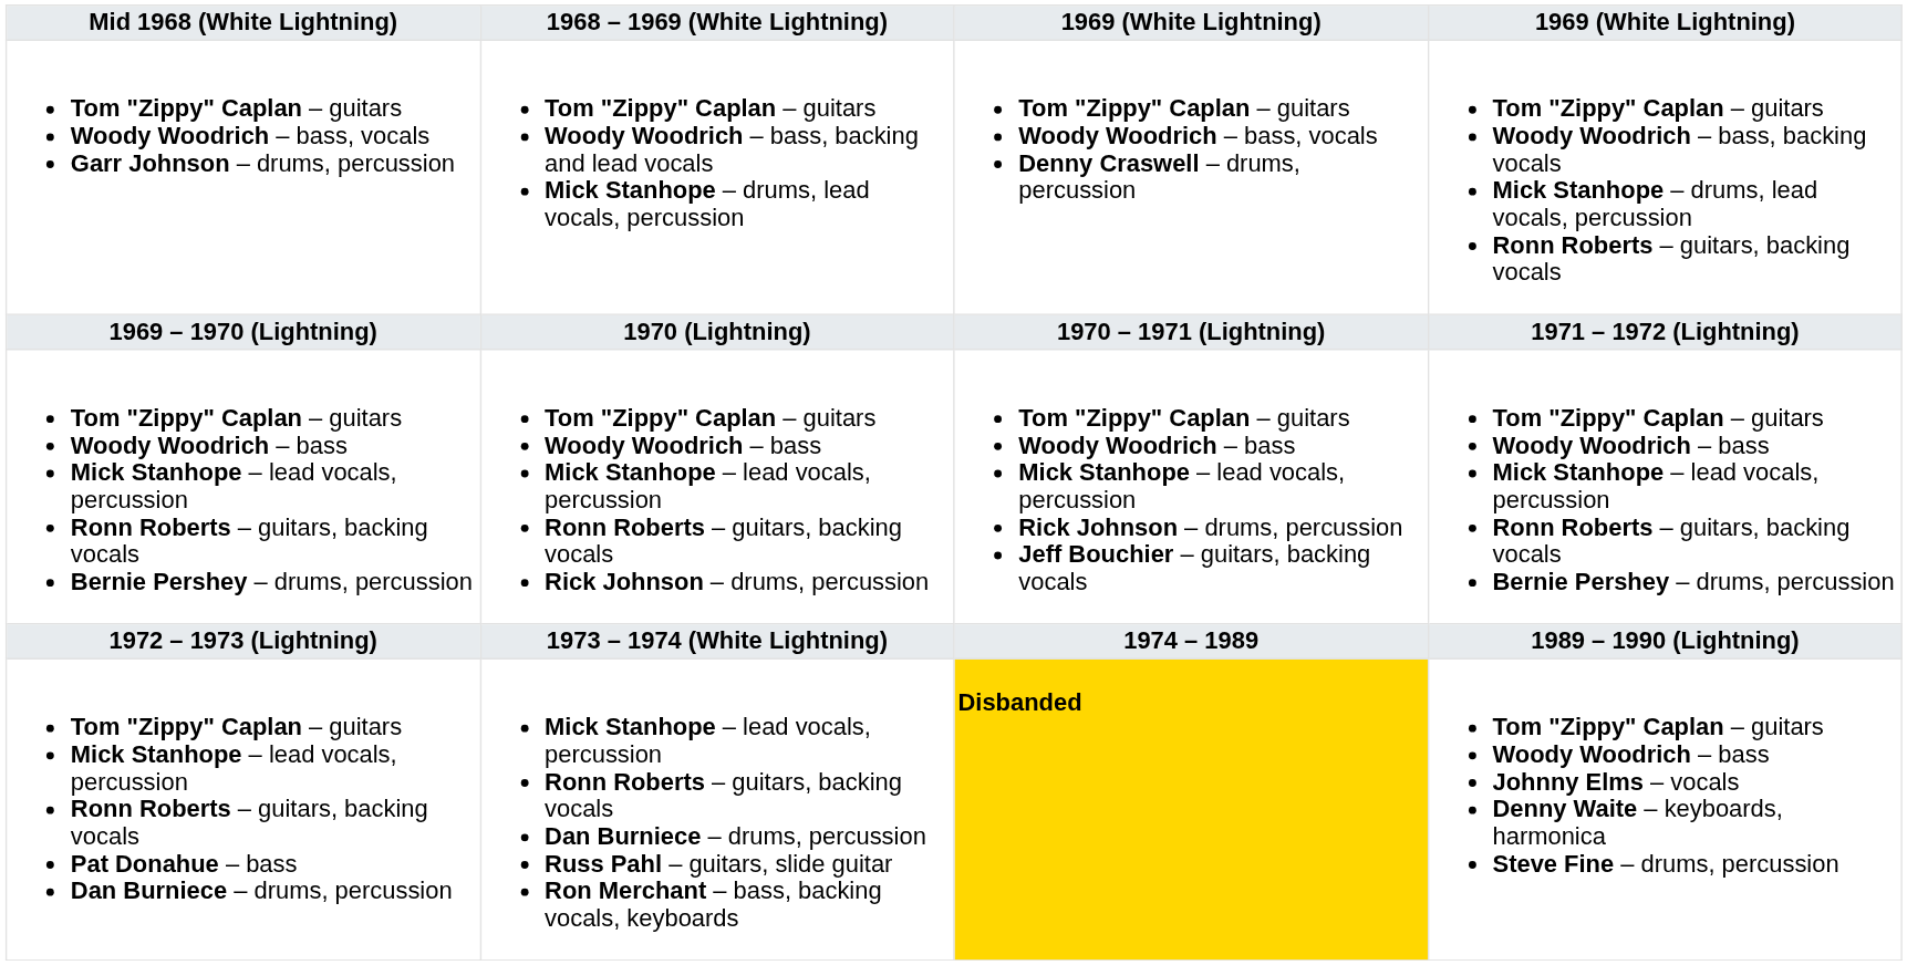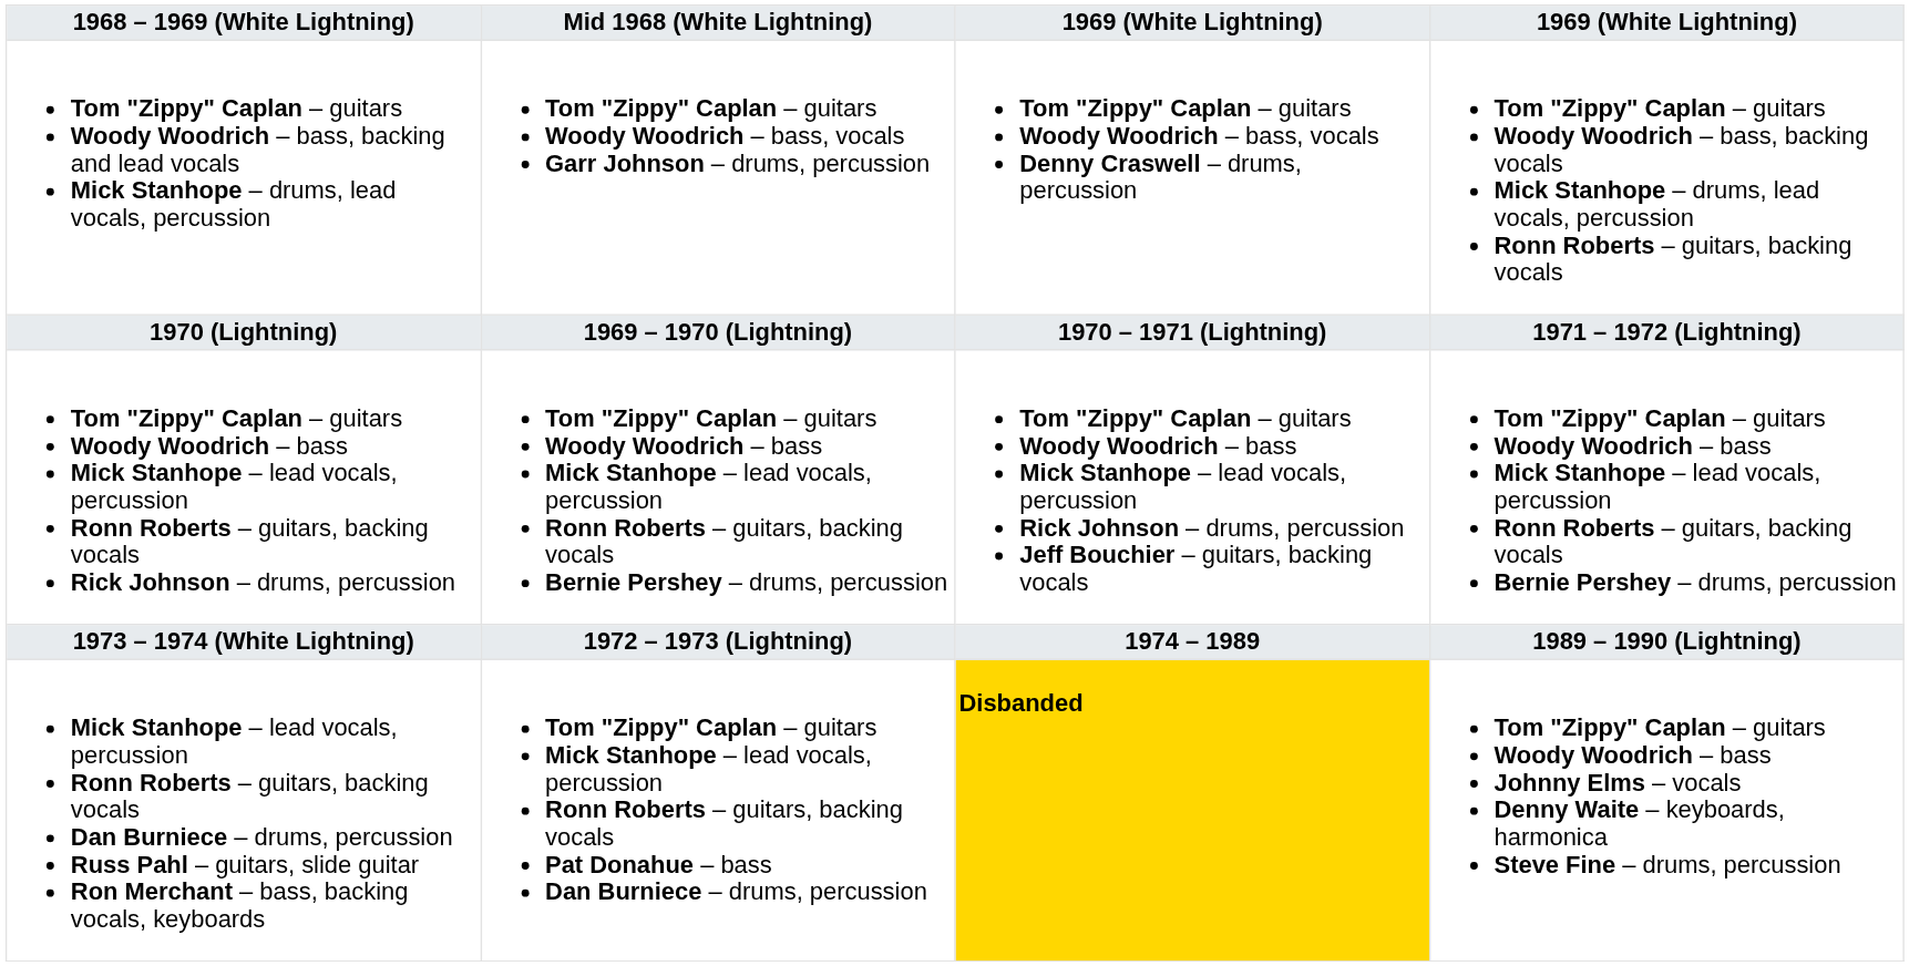 <table class="toccolours" border="1" cellpadding="2" cellspacing="0"  style="float:width:375px; margin:0 0 1em 1em; border-collapse:collapse; border:1px solid #e2e2e2; width:99%;">
 <tr>
+<th style="vertical-align:top; background:#e7ebee; width:25%;">1968 – 1969 (White Lightning)</th>
 <th style="vertical-align:top; background:#e7ebee; width:25%;">Mid 1968 (White Lightning)</th>
-<th style="vertical-align:top; background:#e7ebee; width:25%;">1968 – 1969 (White Lightning)</th>
 <th style="vertical-align:top; background:#e7ebee; width:25%;">1969 (White Lightning)</th>
 <th style="vertical-align:top; background:#e7ebee; width:25%;">1969 (White Lightning)</th>
 </tr>
 <tr>
+<td valign=top><br><ul><li><strong>Tom "Zippy" Caplan</strong> – guitars</li><li><strong>Woody Woodrich</strong> – bass, backing and lead vocals</li><li><strong>Mick Stanhope</strong> – drums, lead vocals, percussion</li></ul></td>
 <td valign=top><br><ul><li><strong>Tom "Zippy" Caplan</strong> – guitars</li><li><strong>Woody Woodrich</strong> – bass, vocals</li><li><strong>Garr Johnson</strong> – drums, percussion</li></ul></td>
-<td valign=top><br><ul><li><strong>Tom "Zippy" Caplan</strong> – guitars</li><li><strong>Woody Woodrich</strong> – bass, backing and lead vocals</li><li><strong>Mick Stanhope</strong> – drums, lead vocals, percussion</li></ul></td>
 <td valign=top><br><ul><li><strong>Tom "Zippy" Caplan</strong> – guitars</li><li><strong>Woody Woodrich</strong> – bass, vocals</li><li><strong>Denny Craswell</strong> – drums, percussion</li></ul></td>
 <td valign=top><br><ul><li><strong>Tom "Zippy" Caplan</strong> – guitars</li><li><strong>Woody Woodrich</strong> – bass, backing vocals</li><li><strong>Mick Stanhope</strong> – drums, lead vocals, percussion</li><li><strong>Ronn Roberts</strong> – guitars, backing vocals</li></ul></td>
 </tr>
 <tr>
+<th style="vertical-align:top; background:#e7ebee; width:25%;">1970 (Lightning)</th>
 <th style="vertical-align:top; background:#e7ebee; width:25%;">1969 – 1970 (Lightning)</th>
-<th style="vertical-align:top; background:#e7ebee; width:25%;">1970 (Lightning)</th>
 <th style="vertical-align:top; background:#e7ebee; width:25%;">1970 – 1971 (Lightning)</th>
 <th style="vertical-align:top; background:#e7ebee; width:25%;">1971 – 1972 (Lightning)</th>
 </tr>
 <tr>
+<td valign=top><br><ul><li><strong>Tom "Zippy" Caplan</strong> – guitars</li><li><strong>Woody Woodrich</strong> – bass</li><li><strong>Mick Stanhope</strong> – lead vocals, percussion</li><li><strong>Ronn Roberts</strong> – guitars, backing vocals</li><li><strong>Rick Johnson</strong> – drums, percussion</li></ul></td>
 <td valign=top><br><ul><li><strong>Tom "Zippy" Caplan</strong> – guitars</li><li><strong>Woody Woodrich</strong> – bass</li><li><strong>Mick Stanhope</strong> – lead vocals, percussion</li><li><strong>Ronn Roberts</strong> – guitars, backing vocals</li><li><strong>Bernie Pershey</strong> – drums, percussion</li></ul></td>
-<td valign=top><br><ul><li><strong>Tom "Zippy" Caplan</strong> – guitars</li><li><strong>Woody Woodrich</strong> – bass</li><li><strong>Mick Stanhope</strong> – lead vocals, percussion</li><li><strong>Ronn Roberts</strong> – guitars, backing vocals</li><li><strong>Rick Johnson</strong> – drums, percussion</li></ul></td>
 <td valign=top><br><ul><li><strong>Tom "Zippy" Caplan</strong> – guitars</li><li><strong>Woody Woodrich</strong> – bass</li><li><strong>Mick Stanhope</strong> – lead vocals, percussion</li><li><strong>Rick Johnson</strong> – drums, percussion</li><li><strong>Jeff Bouchier</strong> – guitars, backing vocals</li></ul></td>
 <td valign=top><br><ul><li><strong>Tom "Zippy" Caplan</strong> – guitars</li><li><strong>Woody Woodrich</strong> – bass</li><li><strong>Mick Stanhope</strong> – lead vocals, percussion</li><li><strong>Ronn Roberts</strong> – guitars, backing vocals</li><li><strong>Bernie Pershey</strong> – drums, percussion</li></ul></td>
 </tr>
 <tr>
+<th style="vertical-align:top; background:#e7ebee; width:25%;">1973 – 1974 (White Lightning)</th>
 <th style="vertical-align:top; background:#e7ebee; width:25%;">1972 – 1973 (Lightning)</th>
-<th style="vertical-align:top; background:#e7ebee; width:25%;">1973 – 1974 (White Lightning)</th>
 <th style="vertical-align:top; background:#e7ebee; width:25%;">1974 – 1989</th>
 <th style="vertical-align:top; background:#e7ebee; width:25%;">1989 – 1990  (Lightning)</th>
 </tr>
 <tr>
+<td valign=top><br><ul><li><strong>Mick Stanhope</strong> – lead vocals, percussion</li><li><strong>Ronn Roberts</strong> – guitars, backing vocals</li><li><strong>Dan Burniece</strong> – drums, percussion</li><li><strong>Russ Pahl</strong> – guitars, slide guitar</li><li><strong>Ron Merchant</strong> – bass, backing vocals, keyboards</li></ul></td>
 <td valign=top><br><ul><li><strong>Tom "Zippy" Caplan</strong> – guitars</li><li><strong>Mick Stanhope</strong> – lead vocals, percussion</li><li><strong>Ronn Roberts</strong> – guitars, backing vocals</li><li><strong>Pat Donahue</strong> – bass</li><li><strong>Dan Burniece</strong> – drums, percussion</li></ul></td>
-<td valign=top><br><ul><li><strong>Mick Stanhope</strong> – lead vocals, percussion</li><li><strong>Ronn Roberts</strong> – guitars, backing vocals</li><li><strong>Dan Burniece</strong> – drums, percussion</li><li><strong>Russ Pahl</strong> – guitars, slide guitar</li><li><strong>Ron Merchant</strong> – bass, backing vocals, keyboards</li></ul></td>
 <td valign=top style="background: gold;"><br><strong>Disbanded</strong></td>
 <td valign=top><br><ul><li><strong>Tom "Zippy" Caplan</strong> – guitars</li><li><strong>Woody Woodrich</strong> – bass</li><li><strong>Johnny Elms</strong> – vocals</li><li><strong>Denny Waite</strong> – keyboards, harmonica</li><li><strong>Steve Fine</strong> – drums, percussion</li></ul></td>
 </tr>
 </table>
